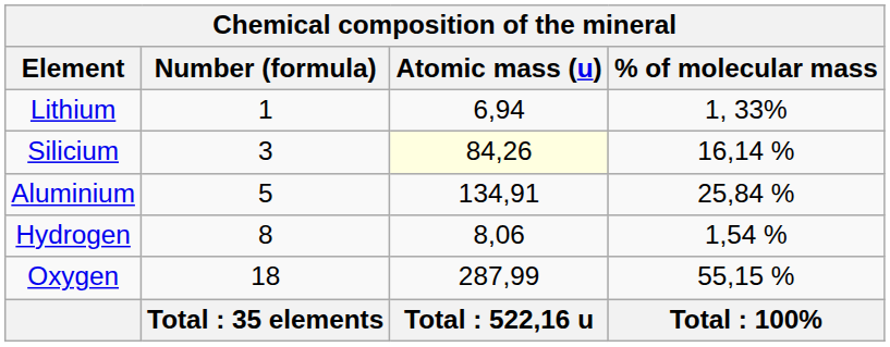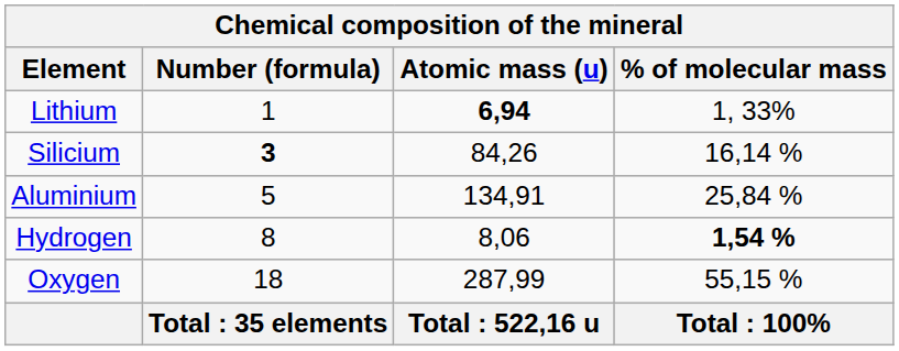 <table class="wikitable sortable" style="text-align:center;">
 <tr>
 <th colspan="4">Chemical composition of the mineral</th>
 </tr>
 <tr>
 <th>Element</th>
 <th>Number (formula)</th>
 <th>Atomic mass (<a href='#'>u</a>)</th>
 <th>% of molecular mass</th>
 </tr>
 <tr>
 <td><a href='#'>Lithium</a></td>
 <td>1</td>
-<td>6,94</td>
+<td><strong>6,94</strong></td>
 <td>1, 33%</td>
 </tr>
 <tr>
 <td><a href='#'>Silicium</a></td>
-<td>3</td>
-<td style="background: lightyellow;">84,26</td>
+<td><strong>3</strong></td>
+<td>84,26</td>
 <td>16,14 %</td>
 </tr>
 <tr>
 <td><a href='#'>Aluminium</a></td>
 <td>5</td>
 <td>134,91</td>
 <td>25,84 %</td>
 </tr>
 <tr>
 <td><a href='#'>Hydrogen</a></td>
 <td>8</td>
 <td>8,06</td>
-<td>1,54 %</td>
+<td><strong>1,54 %</strong></td>
 </tr>
 <tr>
 <td><a href='#'>Oxygen</a></td>
 <td>18</td>
 <td>287,99</td>
 <td>55,15 %</td>
 </tr>
 <tr class="sortbottom">
 <th></th>
 <th>Total : 35 elements</th>
 <th>Total : 522,16 u</th>
 <th>Total : 100%</th>
 </tr>
 </table>
